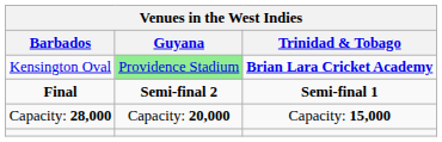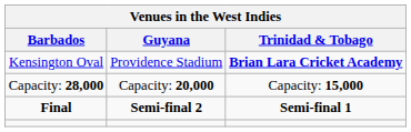 <table class="wikitable" style="text-align:center;margin:auto;font-size:90%;">
 <tr>
 <th colspan="3">Venues in the West Indies</th>
 </tr>
 <tr>
 <th><a href='#'>Barbados</a></th>
 <th><a href='#'>Guyana</a></th>
 <th><a href='#'>Trinidad & Tobago</a></th>
 </tr>
 <tr>
 <td><a href='#'>Kensington Oval</a></td>
-<td style="background: lightgreen;"><a href='#'>Providence Stadium</a></td>
+<td><a href='#'>Providence Stadium</a></td>
 <td><strong><a href='#'>Brian Lara Cricket Academy</a></strong></td>
+</tr>
+<tr>
+<td>Capacity: <strong>28,000</strong></td>
+<td>Capacity: <strong>20,000</strong></td>
+<td>Capacity: <strong>15,000</strong></td>
 </tr>
 <tr>
 <td><strong>Final</strong></td>
 <td><strong>Semi-final 2</strong></td>
 <td><strong>Semi-final 1</strong></td>
 </tr>
 <tr>
-<td>Capacity: <strong>28,000</strong></td>
-<td>Capacity: <strong>20,000</strong></td>
-<td>Capacity: <strong>15,000</strong></td>
-</tr>
-<tr>
 <td></td>
 <td></td>
 <td></td>
 </tr>
 </table>
